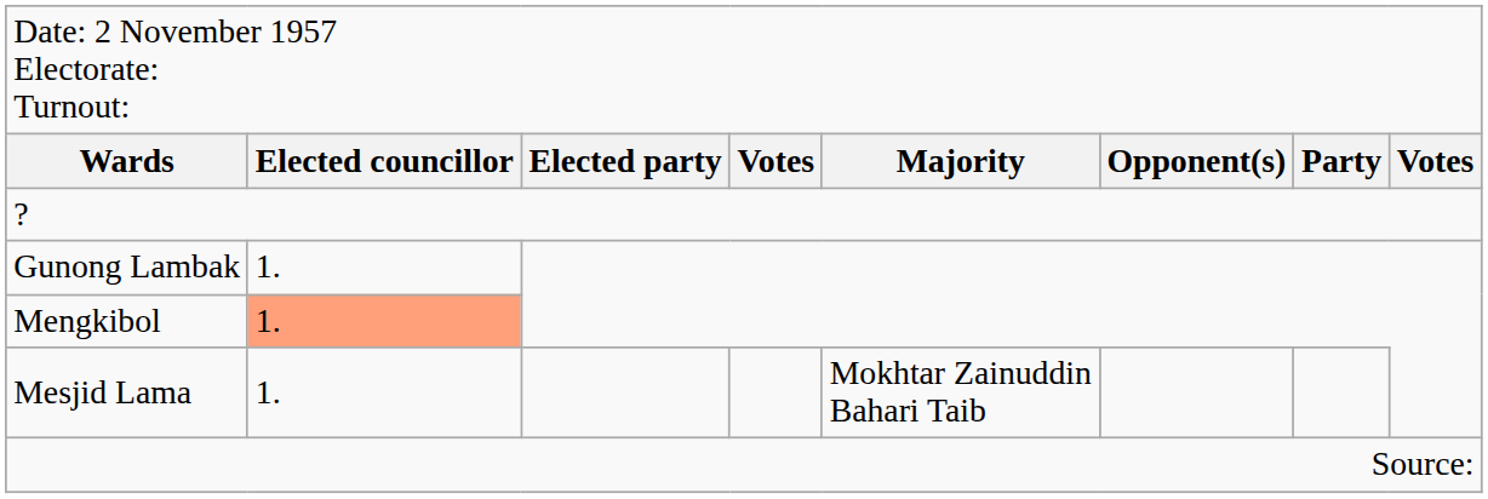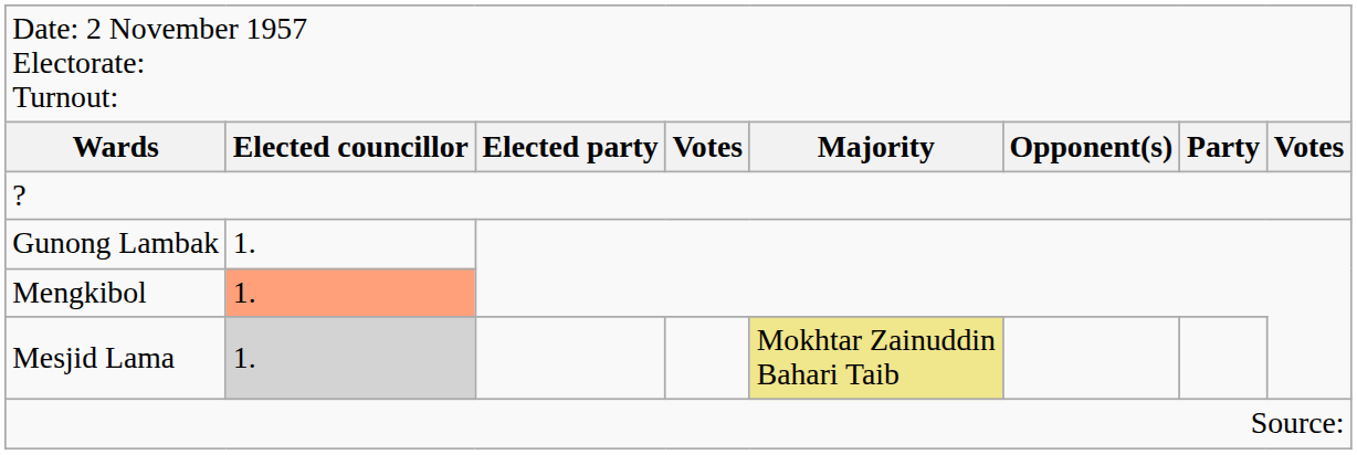 <table class=wikitable>
 <tr>
 <td colspan=8>Date: 2 November 1957<br>Electorate: <br>Turnout:</td>
 </tr>
 <tr>
 <th>Wards</th>
 <th>Elected councillor</th>
 <th>Elected party</th>
 <th>Votes</th>
 <th>Majority</th>
 <th>Opponent(s)</th>
 <th>Party</th>
 <th>Votes</th>
 </tr>
 <tr>
 <td colspan=8>? </td>
 </tr>
 <tr>
 <td>Gunong Lambak</td>
 <td>1.</td>
 </tr>
 <tr>
 <td>Mengkibol</td>
 <td style="background: lightsalmon;">1.</td>
 </tr>
 <tr>
 <td>Mesjid Lama</td>
-<td>1.</td>
+<td style="background: lightgrey;">1.</td>
 <td></td>
 <td></td>
-<td>Mokhtar Zainuddin<br>Bahari Taib</td>
+<td style="background: khaki;">Mokhtar Zainuddin<br>Bahari Taib</td>
 <td></td>
 <td></td>
 </tr>
 <tr>
 <td colspan=8 align=right>Source: </td>
 </tr>
 </table>
